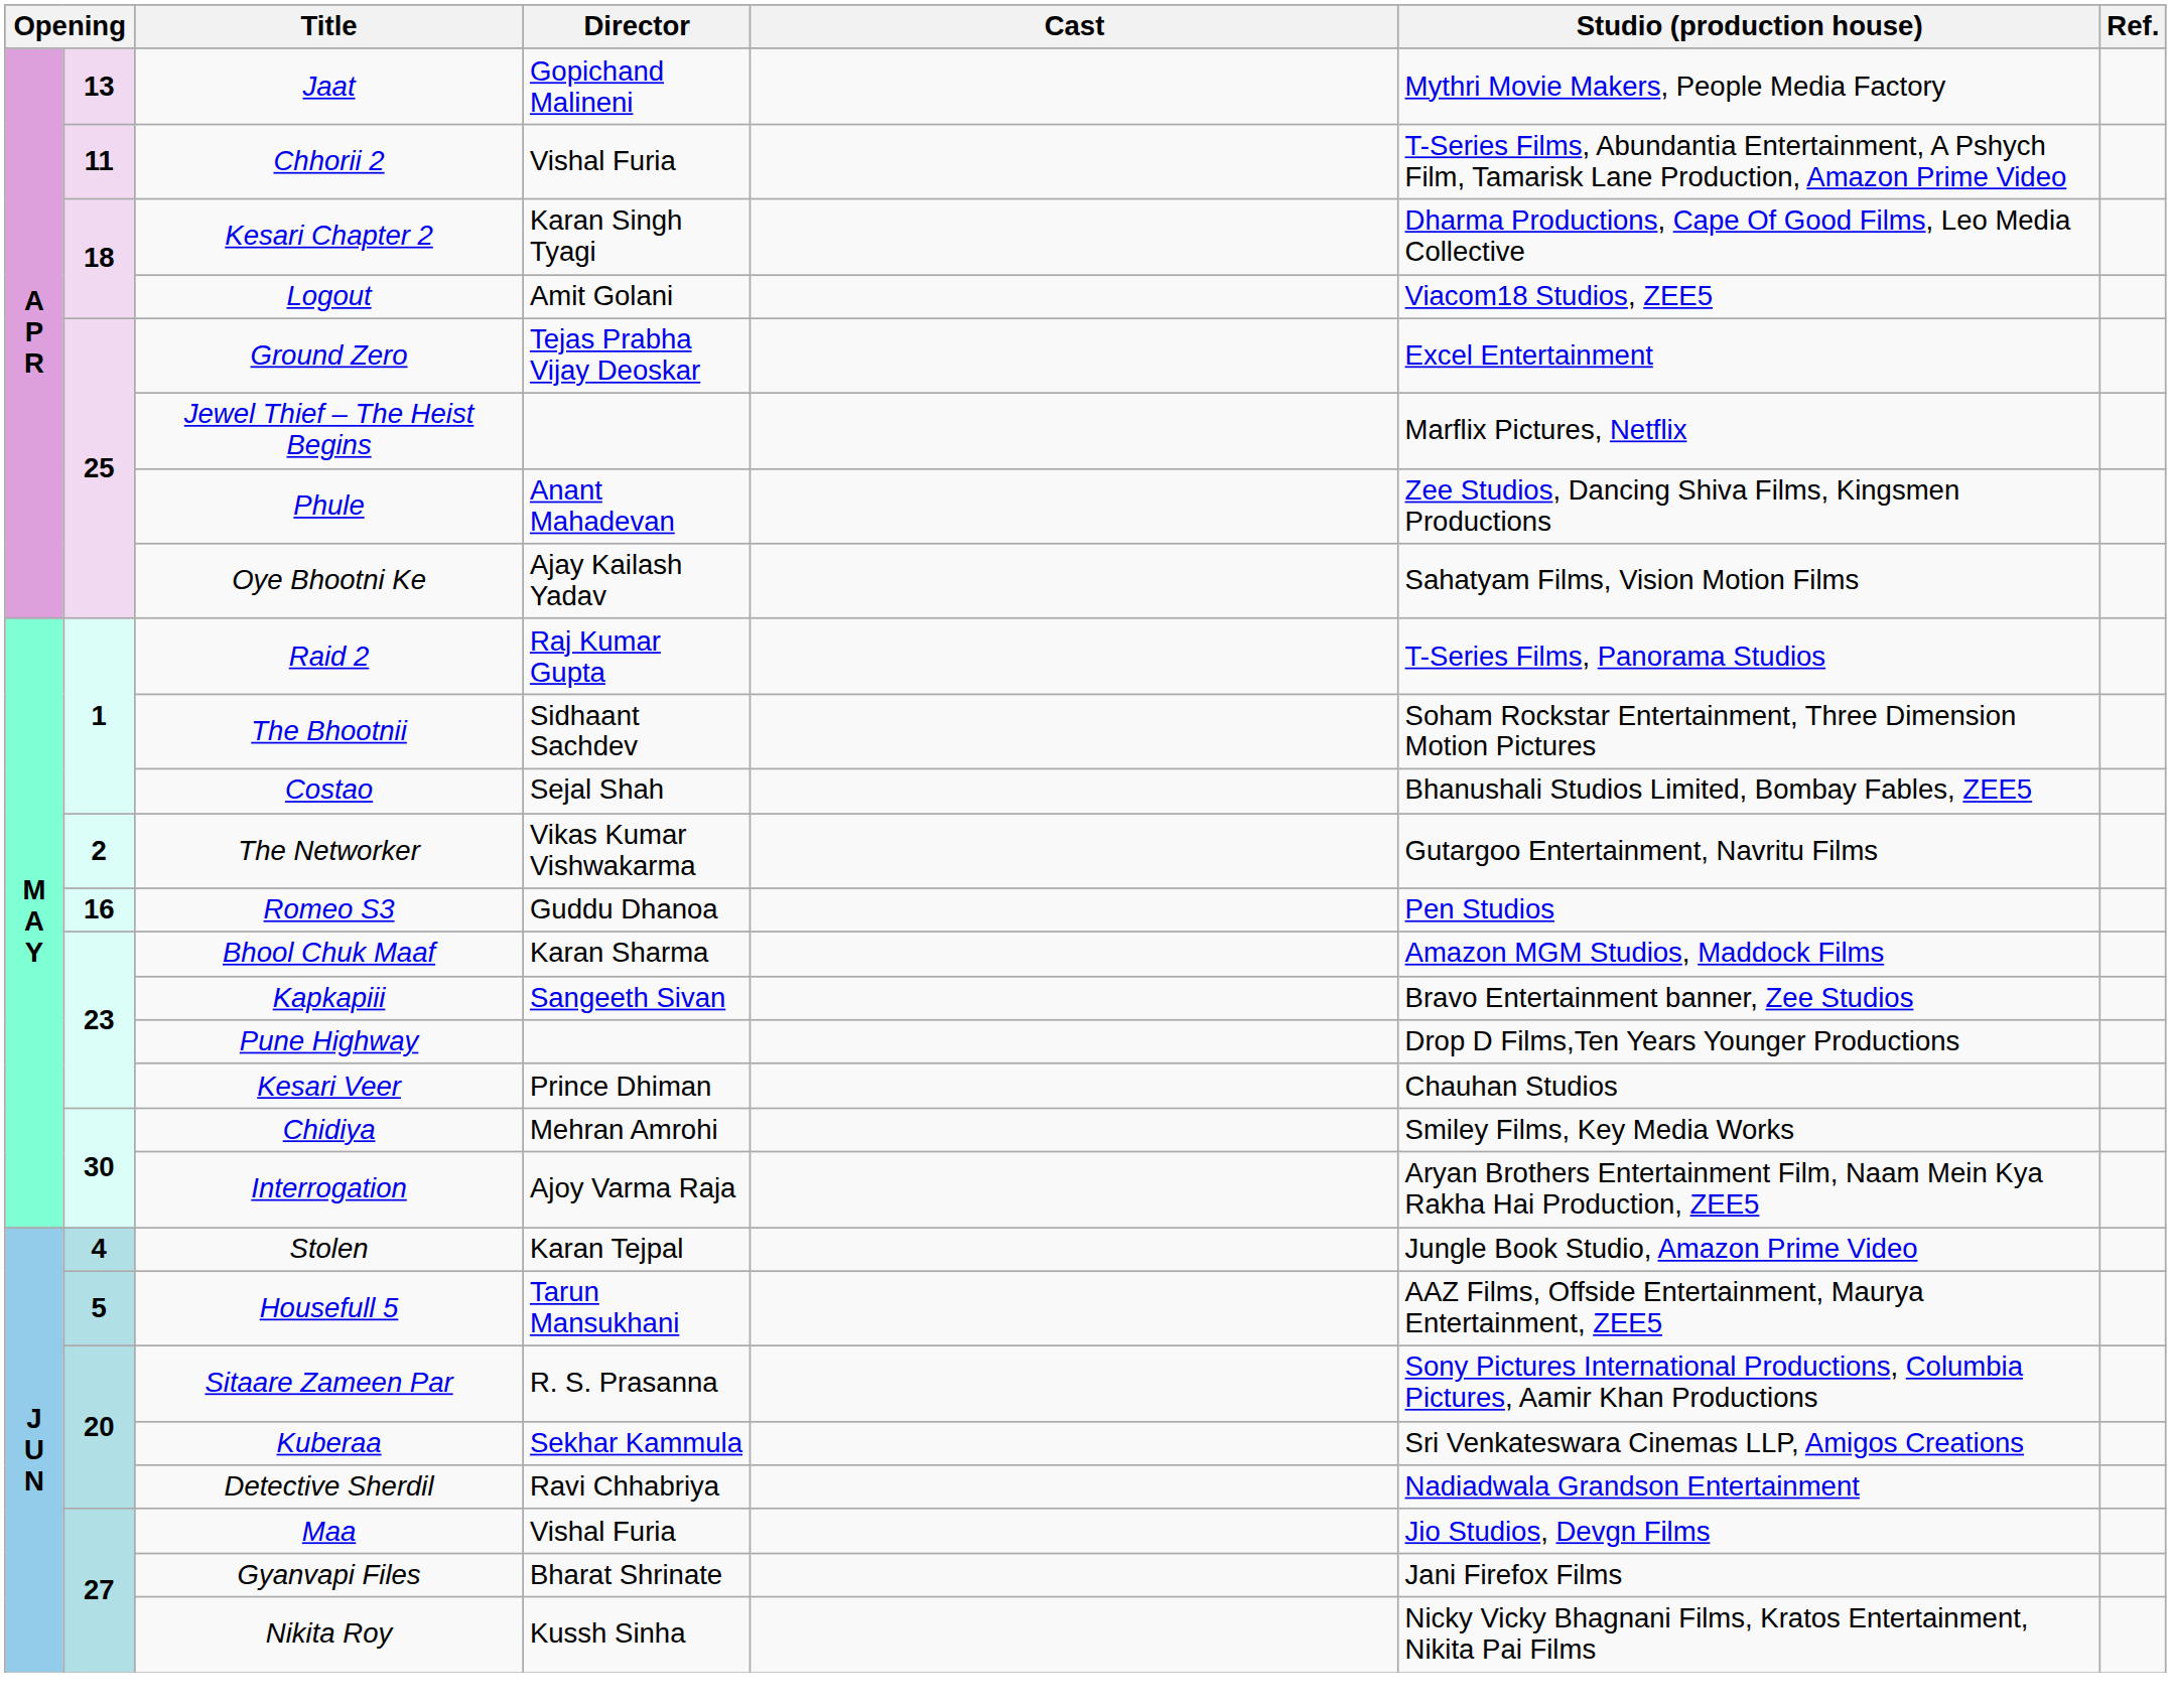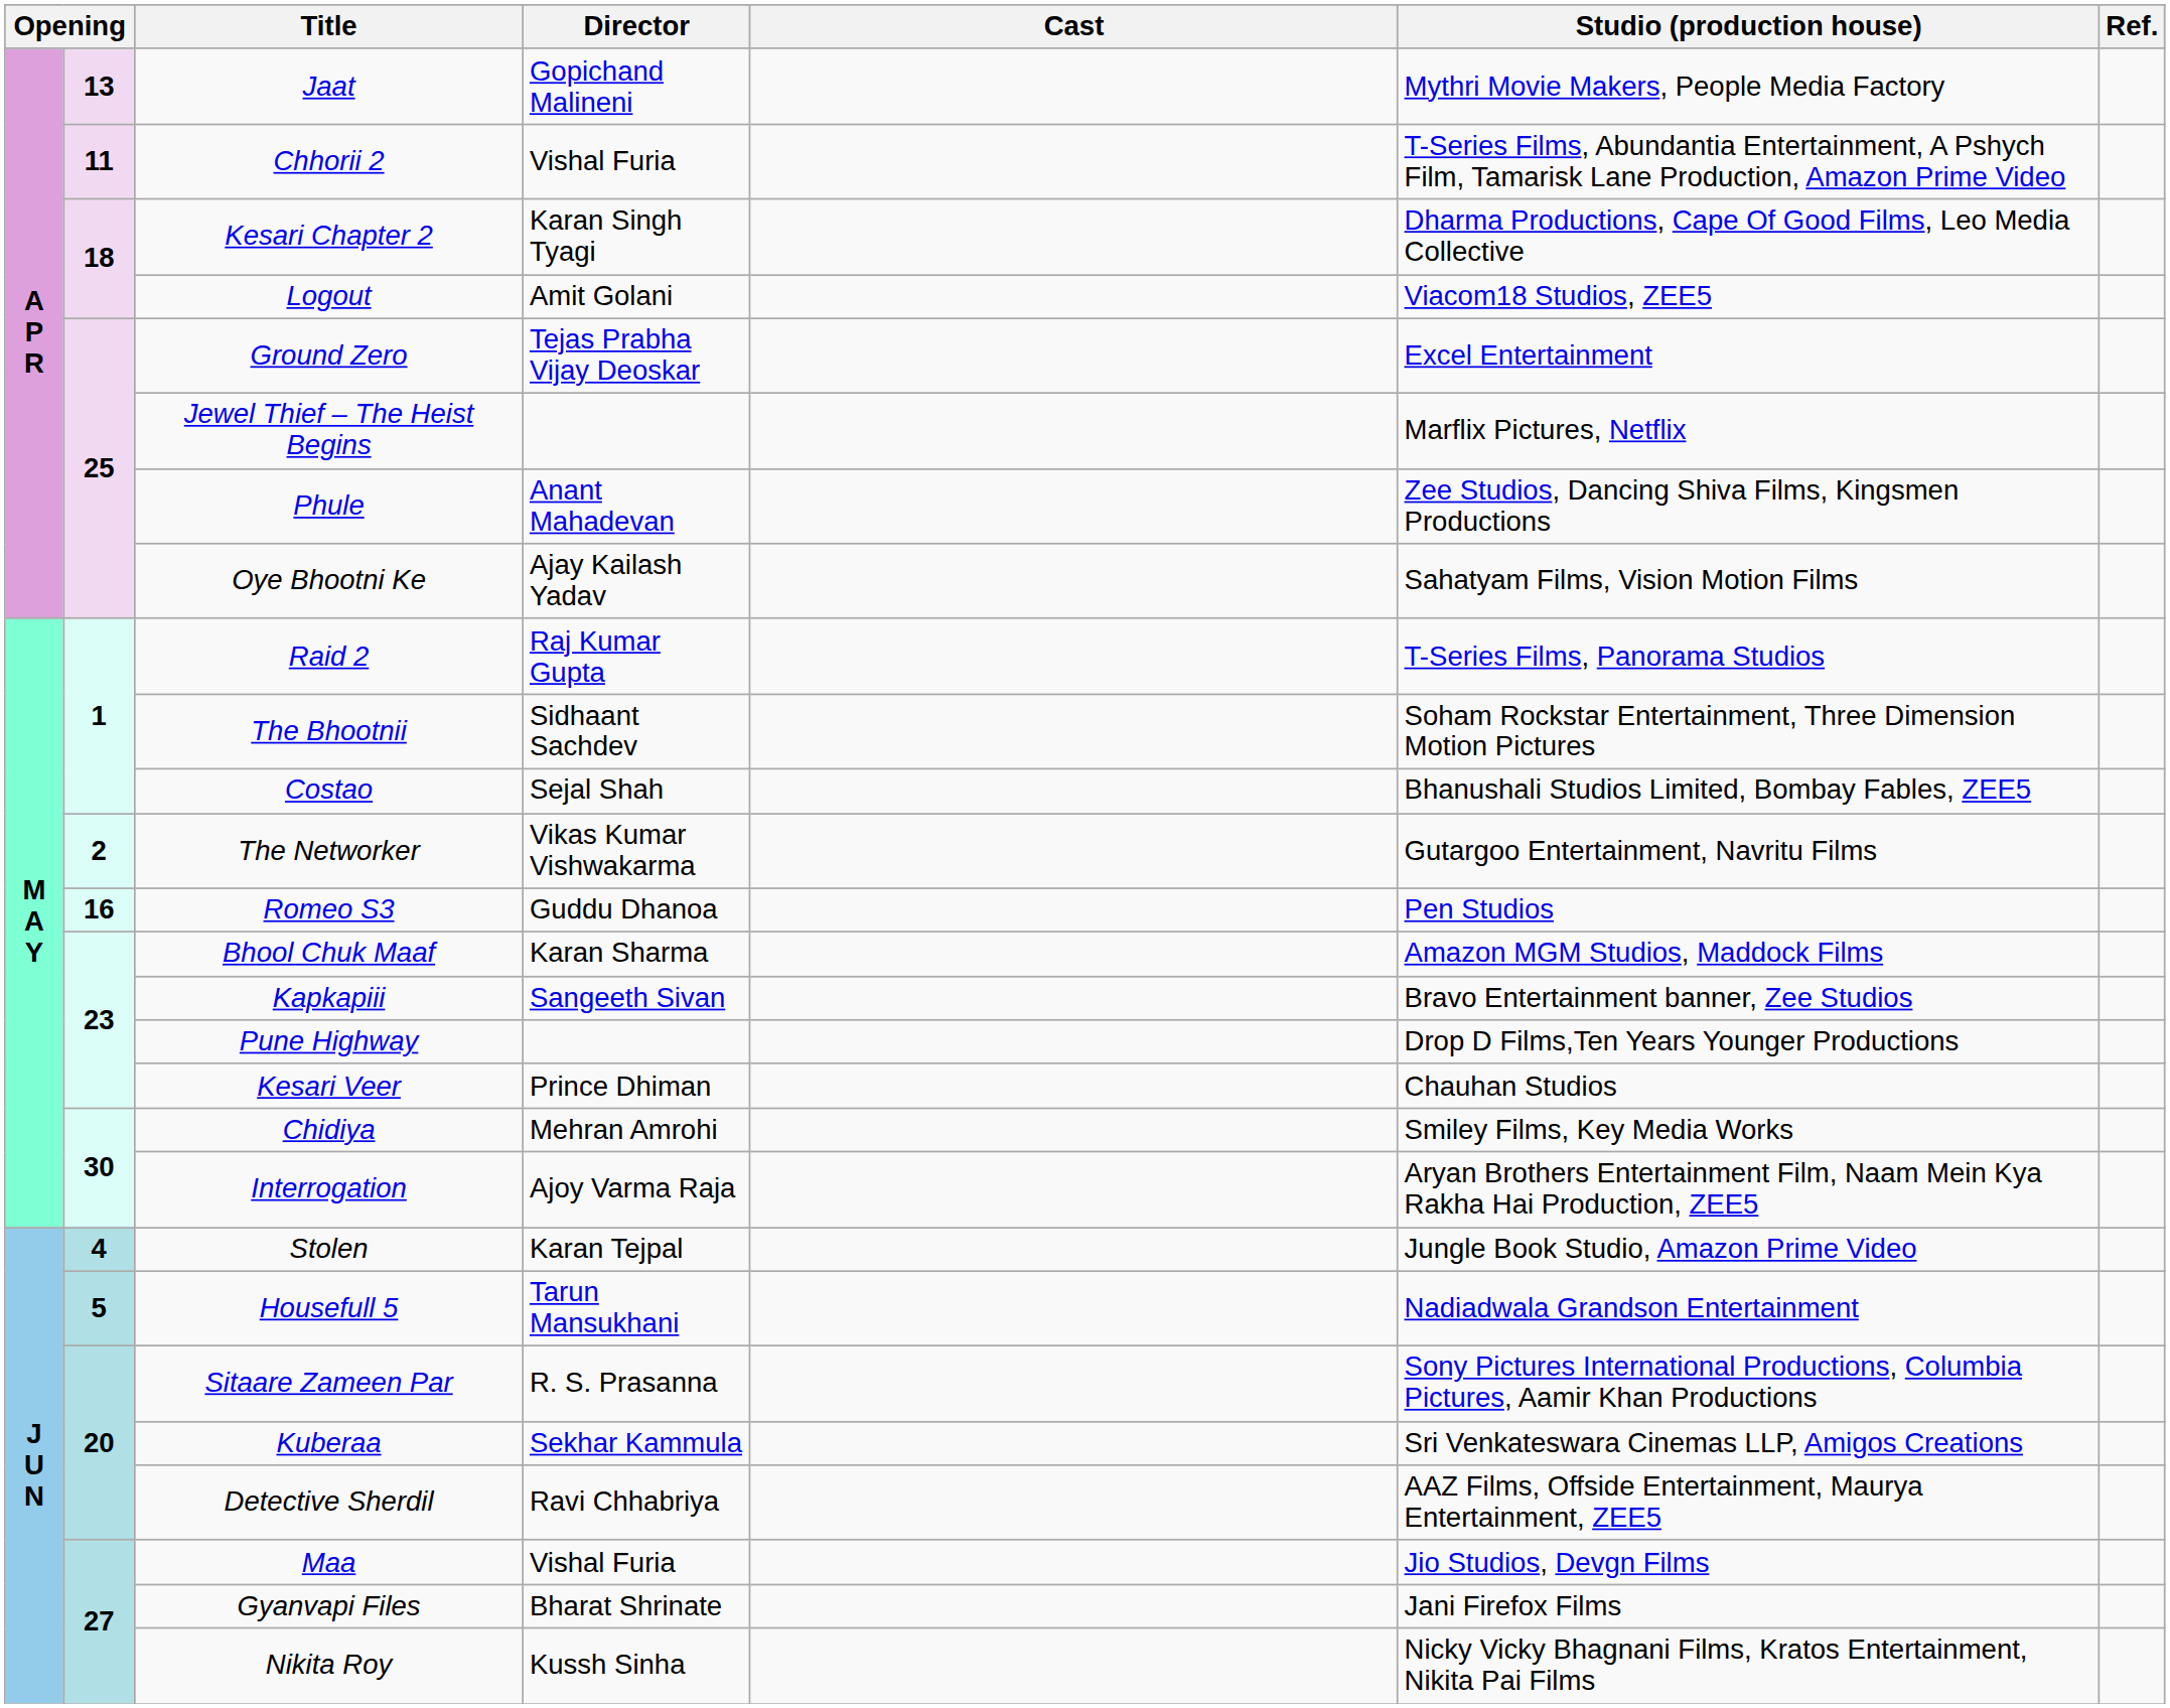 <table class="wikitable">
 <tr style="background:#b0e0e6; text-align:center;">
 <th colspan="2" style="width:6%;"><strong>Opening</strong></th>
 <th style="width:18%;"><strong>Title</strong></th>
 <th style="width:10.5%;"><strong>Director</strong></th>
 <th style="width:30%;"><strong>Cast</strong></th>
 <th>Studio (production house)</th>
 <th>Ref.</th>
 </tr>
 <tr>
 <td rowspan="8" style="text-align:center; background:plum; textcolor:#000;"><strong>A<br>P<br>R</strong></td>
 <td style="text-align:center;background:#f1daf1;"><strong>13</strong></td>
 <td style="text-align:center;"><em><a href='#'>Jaat</a></em></td>
 <td><a href='#'>Gopichand Malineni</a></td>
 <td></td>
 <td><a href='#'>Mythri Movie Makers</a>, People Media Factory</td>
 <td></td>
 </tr>
 <tr>
 <td style="text-align:center;background:#f1daf1;"><strong>11</strong></td>
 <td style="text-align:center;"><em><a href='#'>Chhorii 2</a></em></td>
 <td>Vishal Furia</td>
 <td></td>
 <td><a href='#'>T-Series Films</a>, Abundantia Entertainment, A Pshych Film, Tamarisk Lane Production, <a href='#'>Amazon Prime Video</a></td>
 <td></td>
 </tr>
 <tr>
 <td rowspan="2" style="text-align:center;background:#f1daf1;"><strong>18</strong></td>
 <td style="text-align:center;"><em><a href='#'>Kesari Chapter 2</a></em></td>
 <td>Karan Singh Tyagi</td>
 <td></td>
 <td><a href='#'>Dharma Productions</a>, <a href='#'>Cape Of Good Films</a>, Leo Media Collective</td>
 <td></td>
 </tr>
 <tr>
 <td style="text-align:center;"><em><a href='#'>Logout</a></em></td>
 <td>Amit Golani</td>
 <td></td>
 <td><a href='#'>Viacom18 Studios</a>, <a href='#'>ZEE5</a></td>
 <td></td>
 </tr>
 <tr>
 <td rowspan="4" style="text-align:center;background:#f1daf1;"><strong>25</strong></td>
 <td style="text-align:center;"><em><a href='#'>Ground Zero</a></em></td>
 <td><a href='#'>Tejas Prabha Vijay Deoskar</a></td>
 <td></td>
 <td><a href='#'>Excel Entertainment</a></td>
 <td></td>
 </tr>
 <tr>
 <td style="text-align:center;"><em><a href='#'>Jewel Thief – The Heist Begins</a></em></td>
 <td></td>
 <td></td>
 <td>Marflix Pictures, <a href='#'>Netflix</a></td>
 <td></td>
 </tr>
 <tr>
 <td style="text-align:center;"><em><a href='#'>Phule</a></em></td>
 <td><a href='#'>Anant Mahadevan</a></td>
 <td></td>
 <td><a href='#'>Zee Studios</a>, Dancing Shiva Films, Kingsmen Productions</td>
 <td></td>
 </tr>
 <tr>
 <td style="text-align:center;"><em>Oye Bhootni Ke</em></td>
 <td>Ajay Kailash Yadav</td>
 <td></td>
 <td>Sahatyam Films, Vision Motion Films</td>
 <td></td>
 </tr>
 <tr>
 <td rowspan="11" style="text-align:center; background:#7FFFD4; textcolor:#000;"><strong>M<br>A<br>Y</strong></td>
 <td rowspan="3" style="text-align:center; background:#dbfff8; textcolor:#000;"><strong>1</strong></td>
 <td style="text-align:center;"><em><a href='#'>Raid 2</a></em></td>
 <td><a href='#'>Raj Kumar Gupta</a></td>
 <td></td>
 <td><a href='#'>T-Series Films</a>, <a href='#'>Panorama Studios</a></td>
 <td></td>
 </tr>
 <tr>
 <td style="text-align:center;"><em><a href='#'>The Bhootnii</a></em></td>
 <td>Sidhaant Sachdev</td>
 <td></td>
 <td>Soham Rockstar Entertainment, Three Dimension Motion Pictures</td>
 <td></td>
 </tr>
 <tr>
 <td style="text-align:center;"><em><a href='#'>Costao</a></em></td>
 <td>Sejal Shah</td>
 <td></td>
 <td>Bhanushali Studios Limited, Bombay Fables, <a href='#'>ZEE5</a></td>
 <td></td>
 </tr>
 <tr>
 <td style="text-align:center; background:#dbfff8; textcolor:#000;"><strong>2</strong></td>
 <td style="text-align:center;"><em>The Networker</em></td>
 <td>Vikas Kumar Vishwakarma</td>
 <td></td>
 <td>Gutargoo Entertainment, Navritu Films</td>
 <td></td>
 </tr>
 <tr>
 <td rowspan="1" style="text-align:center; background:#dbfff8; textcolor:#000;"><strong>16</strong></td>
 <td style="text-align:center;"><em><a href='#'>Romeo S3</a> </em></td>
 <td>Guddu Dhanoa</td>
 <td></td>
 <td><a href='#'>Pen Studios</a></td>
 <td></td>
 </tr>
 <tr>
 <td rowspan="4" style="text-align:center; background:#dbfff8; textcolor:#000;"><strong>23</strong></td>
 <td style="text-align:center;"><em><a href='#'>Bhool Chuk Maaf</a></em></td>
 <td>Karan Sharma</td>
 <td></td>
 <td><a href='#'>Amazon MGM Studios</a>, <a href='#'>Maddock Films</a></td>
 <td></td>
 </tr>
 <tr>
 <td style="text-align:center;"><em><a href='#'>Kapkapiii</a></em></td>
 <td><a href='#'>Sangeeth Sivan</a></td>
 <td></td>
 <td>Bravo Entertainment banner, <a href='#'>Zee Studios</a></td>
 <td></td>
 </tr>
 <tr>
 <td style="text-align:center;"><em><a href='#'>Pune Highway</a></em></td>
 <td></td>
 <td></td>
 <td>Drop D Films,Ten Years Younger Productions</td>
 <td></td>
 </tr>
 <tr>
 <td style="text-align:center;"><em><a href='#'>Kesari Veer</a></em></td>
 <td>Prince Dhiman</td>
 <td></td>
 <td>Chauhan Studios</td>
 <td></td>
 </tr>
 <tr>
 <td rowspan="2" style="text-align:center; background:#dbfff8; textcolor:#000;"><strong>30</strong></td>
 <td style="text-align:center;"><em><a href='#'>Chidiya</a></em></td>
 <td>Mehran Amrohi</td>
 <td></td>
 <td>Smiley Films, Key Media Works</td>
 <td></td>
 </tr>
 <tr>
 <td style="text-align:center;"><em><a href='#'>Interrogation</a></em></td>
 <td>Ajoy Varma Raja</td>
 <td></td>
 <td>Aryan Brothers Entertainment Film, Naam Mein Kya Rakha Hai Production, <a href='#'>ZEE5</a></td>
 <td></td>
 </tr>
 <tr>
 <td rowspan="9" style="text-align:center; background:#93CCEA; textcolor:#000;"><strong>J<br>U<br>N</strong></td>
 <td style="text-align:center;background:#B0E0E6;"><strong>4</strong></td>
 <td style="text-align:center;"><em>Stolen</em></td>
 <td>Karan Tejpal</td>
 <td></td>
 <td>Jungle Book Studio, <a href='#'>Amazon Prime Video</a></td>
 <td></td>
 </tr>
 <tr>
 <td style="text-align:center;background:#B0E0E6;"><strong>5</strong></td>
 <td style="text-align:center;"><em><a href='#'>Housefull 5</a></em></td>
 <td><a href='#'>Tarun Mansukhani</a></td>
 <td></td>
-<td>AAZ Films, Offside Entertainment, Maurya Entertainment, <a href='#'>ZEE5</a></td>
+<td><a href='#'>Nadiadwala Grandson Entertainment</a></td>
 <td></td>
 </tr>
 <tr>
 <td rowspan="3" style="text-align:center;background:#B0E0E6;"><strong>20</strong></td>
 <td style="text-align:center;"><em><a href='#'>Sitaare Zameen Par</a></em></td>
 <td>R. S. Prasanna</td>
 <td></td>
 <td><a href='#'>Sony Pictures International Productions</a>, <a href='#'>Columbia Pictures</a>, Aamir Khan Productions</td>
 <td></td>
 </tr>
 <tr>
 <td style="text-align:center;"><em><a href='#'>Kuberaa</a></em></td>
 <td><a href='#'>Sekhar Kammula</a></td>
 <td></td>
 <td>Sri Venkateswara Cinemas LLP, <a href='#'>Amigos Creations</a></td>
 <td></td>
 </tr>
 <tr>
 <td style="text-align:center;"><em>Detective Sherdil</em></td>
 <td>Ravi Chhabriya</td>
 <td></td>
-<td><a href='#'>Nadiadwala Grandson Entertainment</a></td>
+<td>AAZ Films, Offside Entertainment, Maurya Entertainment, <a href='#'>ZEE5</a></td>
 <td></td>
 </tr>
 <tr>
 <td rowspan="3" style="text-align:center;background:#B0E0E6;"><strong>27</strong></td>
 <td style="text-align:center;"><em><a href='#'>Maa</a></em></td>
 <td>Vishal Furia</td>
 <td></td>
 <td><a href='#'>Jio Studios</a>, <a href='#'>Devgn Films</a></td>
 <td></td>
 </tr>
 <tr>
 <td style="text-align:center;"><em>Gyanvapi Files</em></td>
 <td>Bharat Shrinate</td>
 <td></td>
 <td>Jani Firefox Films</td>
 <td></td>
 </tr>
 <tr>
 <td style="text-align:center;"><em>Nikita Roy</em></td>
 <td>Kussh Sinha</td>
 <td></td>
 <td>Nicky Vicky Bhagnani Films, Kratos Entertainment, Nikita Pai Films</td>
 <td></td>
 </tr>
 </table>
